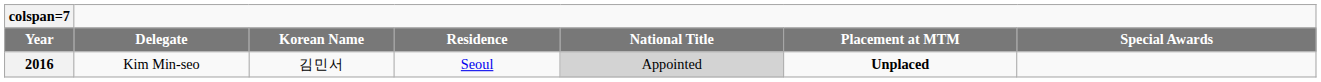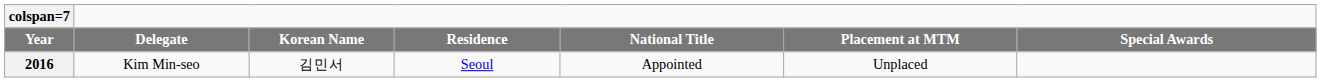 <table class="wikitable sortable" style="font-size: 85%; text-align:center">
 <tr>
 <th>colspan=7 </th>
 </tr>
 <tr>
 <th width="60" style="background-color:#787878;color:#FFFFFF;">Year</th>
 <th width="170" style="background-color:#787878;color:#FFFFFF;">Delegate</th>
 <th width="140" style="background-color:#787878;color:#FFFFFF;">Korean Name</th>
 <th width="160" style="background-color:#787878;color:#FFFFFF;">Residence</th>
 <th width="220" style="background-color:#787878;color:#FFFFFF;">National Title</th>
 <th width="230" style="background-color:#787878;color:#FFFFFF;">Placement at MTM</th>
 <th width="300" style="background-color:#787878;color:#FFFFFF;">Special Awards</th>
 </tr>
 <tr>
 <th>2016</th>
 <td>Kim Min-seo</td>
 <td>김민서</td>
 <td><a href='#'>Seoul</a></td>
-<td style="background: lightgrey;">Appointed</td>
-<td><strong>Unplaced</strong></td>
+<td>Appointed</td>
+<td>Unplaced</td>
 <td></td>
 </tr>
 </table>
